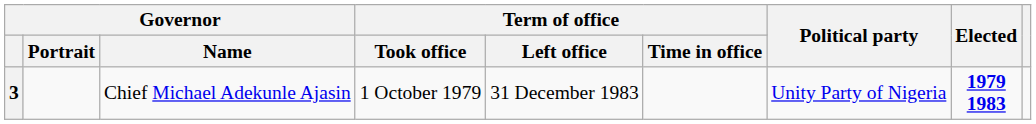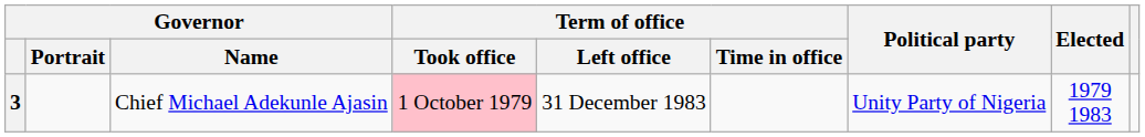 <table class="wikitable" style="text-align:center">
 <tr>
 <th colspan=3>Governor</th>
 <th colspan=3>Term of office</th>
 <th rowspan=2>Political party</th>
 <th rowspan=2>Elected</th>
 <th rowspan=2></th>
 </tr>
 <tr>
 <th></th>
 <th>Portrait</th>
 <th>Name<br></th>
 <th>Took office</th>
 <th>Left office</th>
 <th>Time in office</th>
 </tr>
 <tr>
 <th style="background:">3</th>
 <td></td>
 <td>Chief <a href='#'>Michael Adekunle Ajasin</a><br></td>
-<td>1 October 1979</td>
+<td style="background: pink;">1 October 1979</td>
 <td>31 December 1983</td>
 <td></td>
 <td><a href='#'>Unity Party of Nigeria</a></td>
-<td><strong><a href='#'>1979</a><br><a href='#'>1983</a></strong></td>
+<td><a href='#'>1979</a><br><a href='#'>1983</a></td>
 <td></td>
 </tr>
 </table>
